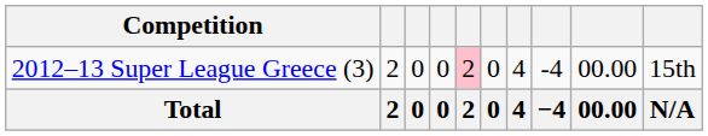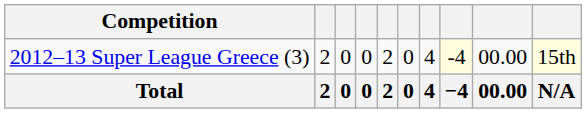 <table class="wikitable" style="text-align:center">
 <tr>
 <th>Competition</th>
 <th></th>
 <th></th>
 <th></th>
 <th></th>
 <th></th>
 <th></th>
 <th></th>
 <th></th>
 <th></th>
 </tr>
 <tr>
 <td><a href='#'>2012–13 Super League Greece</a> (3)</td>
 <td>2</td>
 <td>0</td>
 <td>0</td>
-<td style="background: pink;">2</td>
+<td>2</td>
 <td>0</td>
 <td>4</td>
-<td>-4</td>
+<td style="background: lightyellow;">-4</td>
 <td>00.00</td>
-<td>15th</td>
+<td style="background: lightyellow;">15th</td>
 </tr>
 <tr>
 <th>Total</th>
 <th>2</th>
 <th>0</th>
 <th>0</th>
 <th>2</th>
 <th>0</th>
 <th>4</th>
 <th>−4</th>
 <th>00.00</th>
 <th>N/A</th>
 </tr>
 </table>
